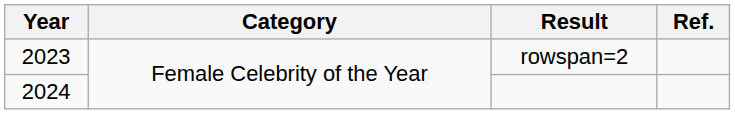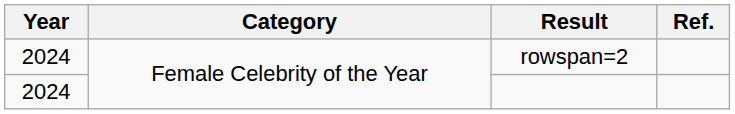 <table class="wikitable"  style="text-align:center; width:60%;">
 <tr>
 <th>Year</th>
 <th>Category</th>
 <th>Result</th>
 <th>Ref.</th>
 </tr>
 <tr>
-<td>2023</td>
+<td>2024</td>
 <td rowspan=2>Female Celebrity of the Year</td>
 <td>rowspan=2 </td>
 <td></td>
 </tr>
 <tr>
 <td>2024</td>
 <td></td>
 </tr>
 </table>
